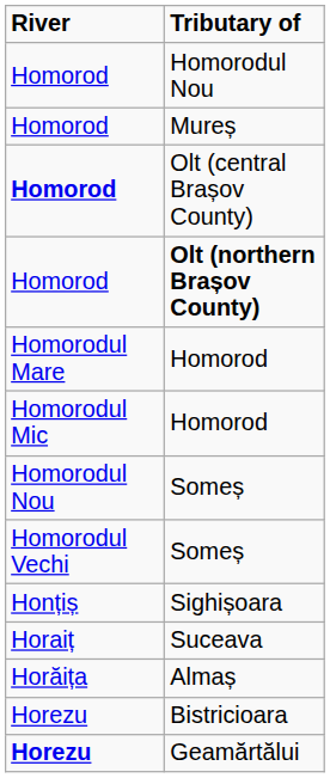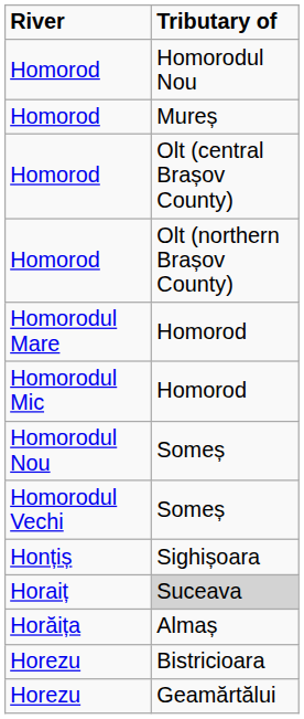 <table class="wikitable">
 <tr>
 <td width="100pt"><strong>River</strong></td>
 <td width="100pt"><strong>Tributary of</strong></td>
 </tr>
 <tr>
 <td><a href='#'>Homorod</a></td>
 <td>Homorodul Nou</td>
 </tr>
 <tr>
 <td><a href='#'>Homorod</a></td>
 <td>Mureș</td>
 </tr>
 <tr>
-<td><strong><a href='#'>Homorod</a></strong></td>
+<td><a href='#'>Homorod</a></td>
 <td>Olt (central Brașov County)</td>
 </tr>
 <tr>
 <td><a href='#'>Homorod</a></td>
-<td><strong>Olt (northern Brașov County)</strong></td>
+<td>Olt (northern Brașov County)</td>
 </tr>
 <tr>
 <td><a href='#'>Homorodul Mare</a></td>
 <td>Homorod</td>
 </tr>
 <tr>
 <td><a href='#'>Homorodul Mic</a></td>
 <td>Homorod</td>
 </tr>
 <tr>
 <td><a href='#'>Homorodul Nou</a></td>
 <td>Someș</td>
 </tr>
 <tr>
 <td><a href='#'>Homorodul Vechi</a></td>
 <td>Someș</td>
 </tr>
 <tr>
 <td><a href='#'>Honțiș</a></td>
 <td>Sighișoara</td>
 </tr>
 <tr>
 <td><a href='#'>Horaiț</a></td>
-<td>Suceava</td>
+<td style="background: lightgrey;">Suceava</td>
 </tr>
 <tr>
 <td><a href='#'>Horăița</a></td>
 <td>Almaș</td>
 </tr>
 <tr>
 <td><a href='#'>Horezu</a></td>
 <td>Bistricioara</td>
 </tr>
 <tr>
-<td><strong><a href='#'>Horezu</a></strong></td>
+<td><a href='#'>Horezu</a></td>
 <td>Geamărtălui</td>
 </tr>
 </table>
